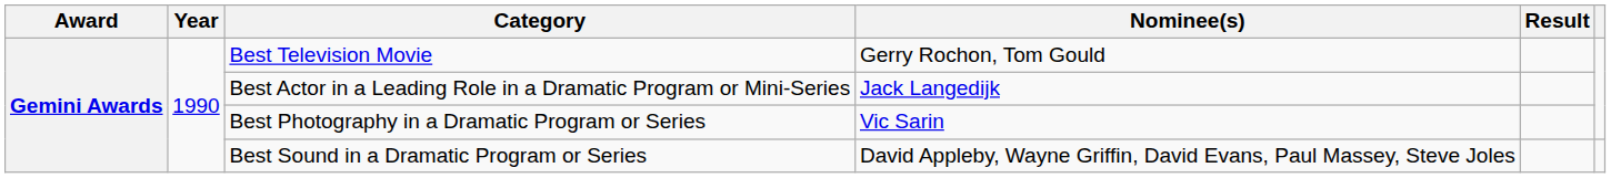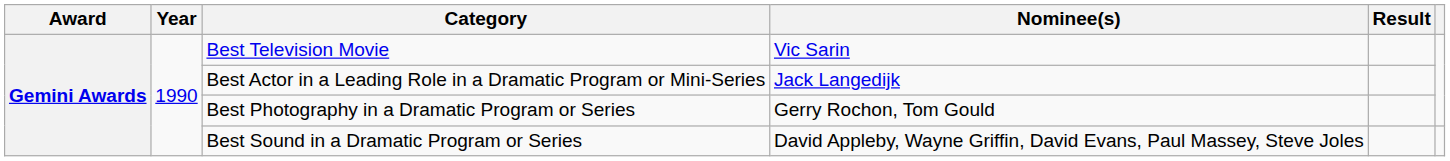 <table class="wikitable sortable plainrowheaders">
 <tr>
 <th scope="col">Award</th>
 <th scope="col">Year</th>
 <th scope="col">Category</th>
 <th scope="col">Nominee(s)</th>
 <th scope="col">Result</th>
 <th scope="col" class="unsortable"></th>
 </tr>
 <tr>
 <th scope="row"  rowspan=4><a href='#'>Gemini Awards</a></th>
 <td rowspan=4><a href='#'>1990</a></td>
 <td><a href='#'>Best Television Movie</a></td>
-<td>Gerry Rochon, Tom Gould</td>
+<td><a href='#'>Vic Sarin</a></td>
 <td></td>
 <td rowspan=3></td>
 </tr>
 <tr>
 <td>Best Actor in a Leading Role in a Dramatic Program or Mini-Series</td>
 <td><a href='#'>Jack Langedijk</a></td>
 <td></td>
 </tr>
 <tr>
 <td>Best Photography in a Dramatic Program or Series</td>
-<td><a href='#'>Vic Sarin</a></td>
+<td>Gerry Rochon, Tom Gould</td>
 <td></td>
 </tr>
 <tr>
 <td>Best Sound in a Dramatic Program or Series</td>
 <td>David Appleby, Wayne Griffin, David Evans, Paul Massey, Steve Joles</td>
 <td></td>
 <td></td>
 </tr>
 </table>
